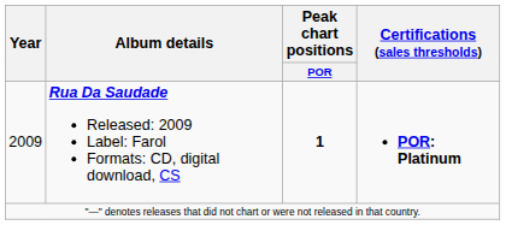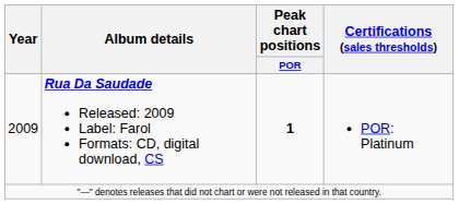 <table class="wikitable">
 <tr>
 <th rowspan="2" width="33">Year</th>
 <th rowspan="2" width="245">Album details</th>
 <th colspan="1">Peak chart positions</th>
 <th rowspan="2" width="145"><a href='#'>Certifications</a><br><small>(<a href='#'>sales thresholds</a>)</small></th>
 </tr>
 <tr>
 <th style="width:3em;font-size:75%;"><a href='#'>POR</a></th>
 </tr>
 <tr>
 <td align="center">2009</td>
 <td><strong><em><a href='#'>Rua Da Saudade</a></em></strong><br><ul><li>Released: 2009</li><li>Label: Farol</li><li>Formats: CD, digital download, <a href='#'>CS</a></li></ul></td>
 <td align="center"><strong>1</strong></td>
-<td><strong><br><ul><li><a href='#'>POR</a>:  Platinum</li></ul></strong></td>
+<td><br><ul><li><a href='#'>POR</a>:  Platinum</li></ul></td>
 </tr>
 <tr>
 <td align="center" colspan="16" style="font-size: 8pt">"—" denotes releases that did not chart or were not released in that country.</td>
 </tr>
 </table>
